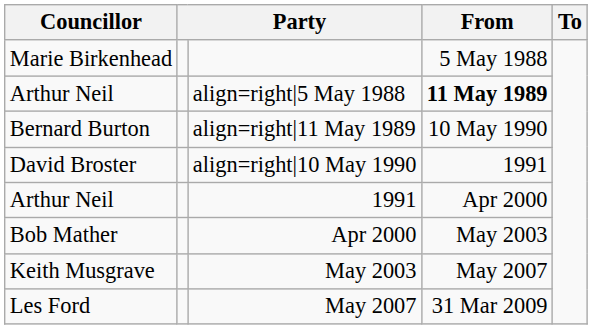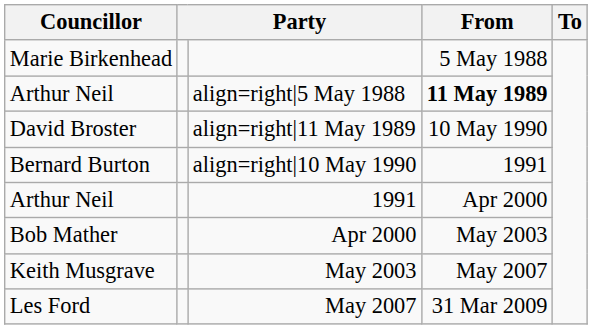 <table class=wikitable>
 <tr>
 <th>Councillor</th>
 <th colspan=2>Party</th>
 <th>From</th>
 <th>To</th>
 </tr>
 <tr>
 <td>Marie Birkenhead</td>
 <td></td>
 <td align=right></td>
 <td align=right>5 May 1988</td>
 </tr>
 <tr>
 <td>Arthur Neil</td>
 <td></td>
 <td>align=right|5 May 1988</td>
 <td align=right><strong>11 May 1989</strong></td>
 </tr>
 <tr>
-<td>Bernard Burton</td>
+<td>David Broster</td>
 <td></td>
 <td>align=right|11 May 1989</td>
 <td align=right>10 May 1990</td>
 </tr>
 <tr>
-<td>David Broster</td>
+<td>Bernard Burton</td>
 <td></td>
 <td>align=right|10 May 1990</td>
 <td align=right>1991</td>
 </tr>
 <tr>
 <td>Arthur Neil</td>
 <td></td>
 <td align=right>1991</td>
 <td align=right>Apr 2000</td>
 </tr>
 <tr>
 <td>Bob Mather</td>
 <td></td>
 <td align=right>Apr 2000</td>
 <td align=right>May 2003</td>
 </tr>
 <tr>
 <td>Keith Musgrave</td>
 <td></td>
 <td align=right>May 2003</td>
 <td align=right>May 2007</td>
 </tr>
 <tr>
 <td>Les Ford</td>
 <td></td>
 <td align=right>May 2007</td>
 <td align=right>31 Mar 2009</td>
 </tr>
 </table>
